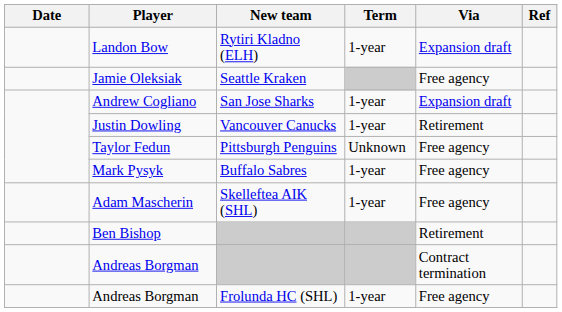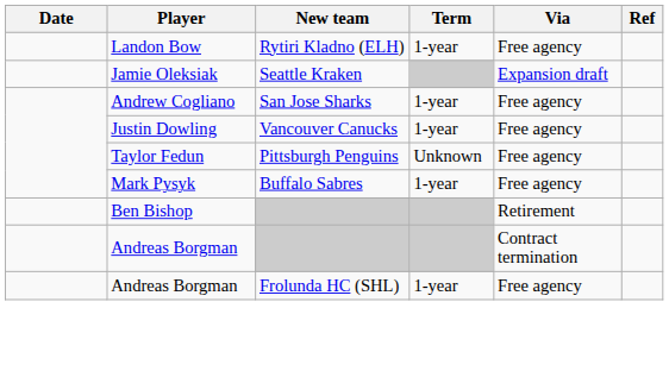 <table class="wikitable">
 <tr style="background:#ddd; text-align:center;">
 <th style="width: 10em;">Date</th>
 <th style="width: 14em;">Player</th>
 <th style="width: 14em;">New team</th>
 <th style="width: 5em;">Term</th>
 <th style="width: 10em;">Via</th>
 <th style="width: 2.5em;">Ref</th>
 </tr>
 <tr>
 <td></td>
 <td><a href='#'>Landon Bow</a></td>
 <td><a href='#'>Rytiri Kladno</a> (<a href='#'>ELH</a>)</td>
 <td>1-year</td>
-<td><a href='#'>Expansion draft</a></td>
+<td>Free agency</td>
 <td></td>
 </tr>
 <tr>
 <td></td>
 <td><a href='#'>Jamie Oleksiak</a></td>
 <td><a href='#'>Seattle Kraken</a></td>
 <td style="background:#ccc;"></td>
-<td>Free agency</td>
+<td><a href='#'>Expansion draft</a></td>
 <td></td>
 </tr>
 <tr>
 <td rowspan=4></td>
 <td><a href='#'>Andrew Cogliano</a></td>
 <td><a href='#'>San Jose Sharks</a></td>
 <td>1-year</td>
-<td><a href='#'>Expansion draft</a></td>
+<td>Free agency</td>
 <td></td>
 </tr>
 <tr>
 <td><a href='#'>Justin Dowling</a></td>
 <td><a href='#'>Vancouver Canucks</a></td>
 <td>1-year</td>
-<td>Retirement</td>
+<td>Free agency</td>
 <td></td>
 </tr>
 <tr>
 <td><a href='#'>Taylor Fedun</a></td>
 <td><a href='#'>Pittsburgh Penguins</a></td>
 <td>Unknown</td>
 <td>Free agency</td>
 <td></td>
 </tr>
 <tr>
 <td><a href='#'>Mark Pysyk</a></td>
 <td><a href='#'>Buffalo Sabres</a></td>
-<td>1-year</td>
-<td>Free agency</td>
-<td></td>
-</tr>
-<tr>
-<td></td>
-<td><a href='#'>Adam Mascherin</a></td>
-<td><a href='#'>Skelleftea AIK</a> (<a href='#'>SHL</a>)</td>
 <td>1-year</td>
 <td>Free agency</td>
 <td></td>
 </tr>
 <tr>
 <td></td>
 <td><a href='#'>Ben Bishop</a></td>
 <td style="background:#ccc;"></td>
 <td style="background:#ccc;"></td>
 <td>Retirement</td>
 <td></td>
 </tr>
 <tr>
 <td></td>
 <td><a href='#'>Andreas Borgman</a></td>
 <td style="background:#ccc;"></td>
 <td style="background:#ccc;"></td>
 <td>Contract termination</td>
 <td></td>
 </tr>
 <tr>
 <td></td>
 <td>Andreas Borgman</td>
 <td><a href='#'>Frolunda HC</a> (SHL)</td>
 <td>1-year</td>
 <td>Free agency</td>
 <td></td>
 </tr>
 </table>
